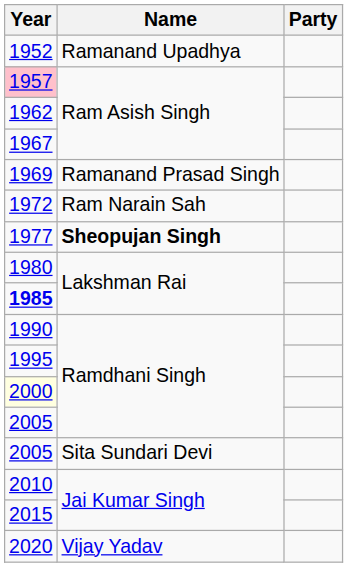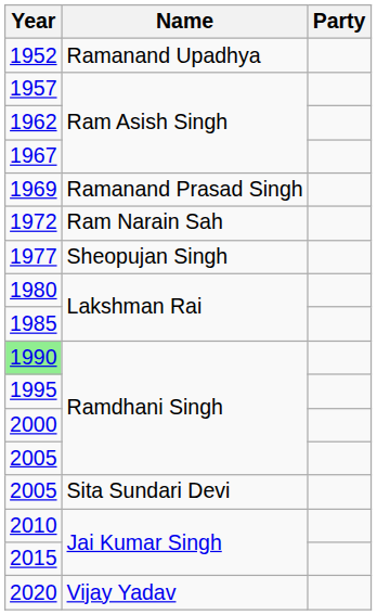 <table class="wikitable sortable">
 <tr>
 <th>Year</th>
 <th>Name</th>
 <th colspan="2">Party</th>
 </tr>
 <tr>
 <td><a href='#'>1952</a></td>
 <td>Ramanand Upadhya</td>
 <td></td>
 </tr>
 <tr>
-<td style="background: pink;"><a href='#'>1957</a></td>
+<td><a href='#'>1957</a></td>
 <td rowspan="3">Ram Asish Singh</td>
 <td></td>
 </tr>
 <tr>
 <td><a href='#'>1962</a></td>
 </tr>
 <tr>
 <td><a href='#'>1967</a></td>
 <td></td>
 </tr>
 <tr>
 <td><a href='#'>1969</a></td>
 <td>Ramanand Prasad Singh</td>
 <td></td>
 </tr>
 <tr>
 <td><a href='#'>1972</a></td>
 <td>Ram Narain Sah</td>
 <td></td>
 </tr>
 <tr>
 <td><a href='#'>1977</a></td>
-<td><strong>Sheopujan Singh</strong></td>
+<td>Sheopujan Singh</td>
 <td></td>
 </tr>
 <tr>
 <td><a href='#'>1980</a></td>
 <td rowspan="2">Lakshman Rai</td>
 <td></td>
 </tr>
 <tr>
-<td><strong><a href='#'>1985</a></strong></td>
+<td><a href='#'>1985</a></td>
 <td></td>
 </tr>
 <tr>
-<td><a href='#'>1990</a></td>
+<td style="background: lightgreen;"><a href='#'>1990</a></td>
 <td rowspan="4">Ramdhani Singh</td>
 <td></td>
 </tr>
 <tr>
 <td><a href='#'>1995</a></td>
 </tr>
 <tr>
-<td style="background: lightyellow;"><a href='#'>2000</a></td>
+<td><a href='#'>2000</a></td>
 <td></td>
 </tr>
 <tr>
 <td><a href='#'>2005</a></td>
 </tr>
 <tr>
 <td><a href='#'>2005</a></td>
 <td>Sita Sundari Devi</td>
 <td></td>
 </tr>
 <tr>
 <td><a href='#'>2010</a></td>
 <td rowspan="2"><a href='#'>Jai Kumar Singh</a></td>
 <td></td>
 </tr>
 <tr>
 <td><a href='#'>2015</a></td>
 </tr>
 <tr>
 <td><a href='#'>2020</a></td>
 <td><a href='#'>Vijay Yadav</a></td>
 <td></td>
 </tr>
 </table>
